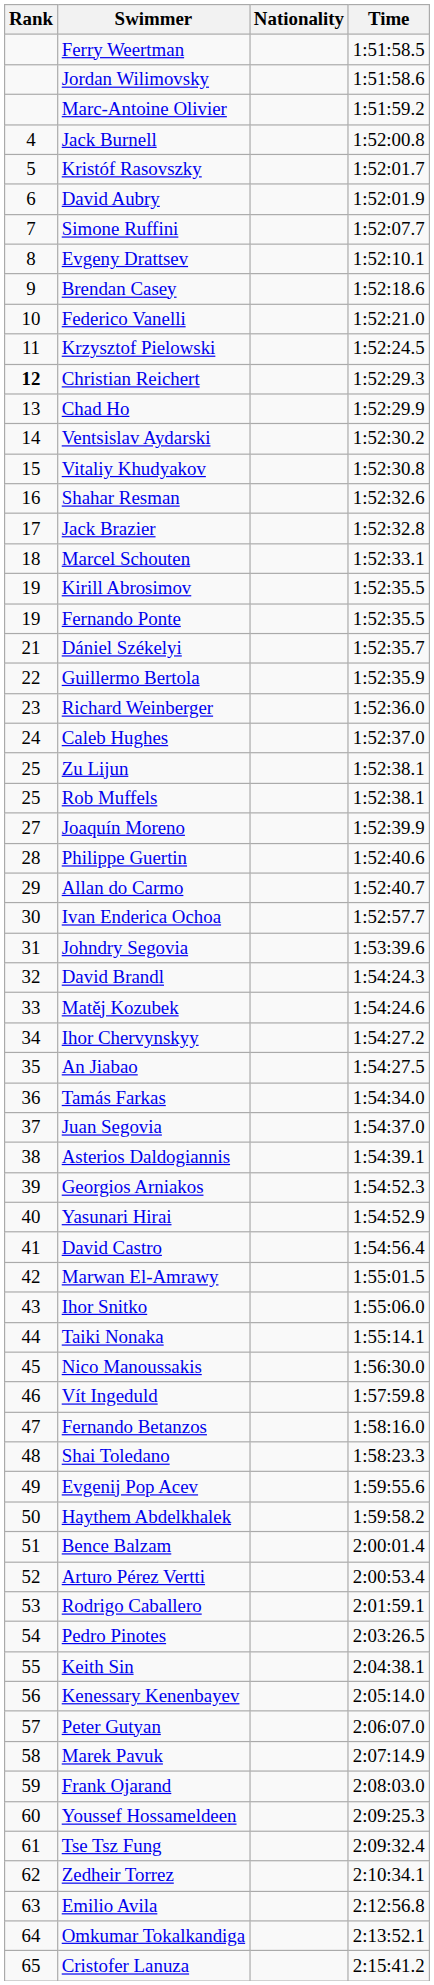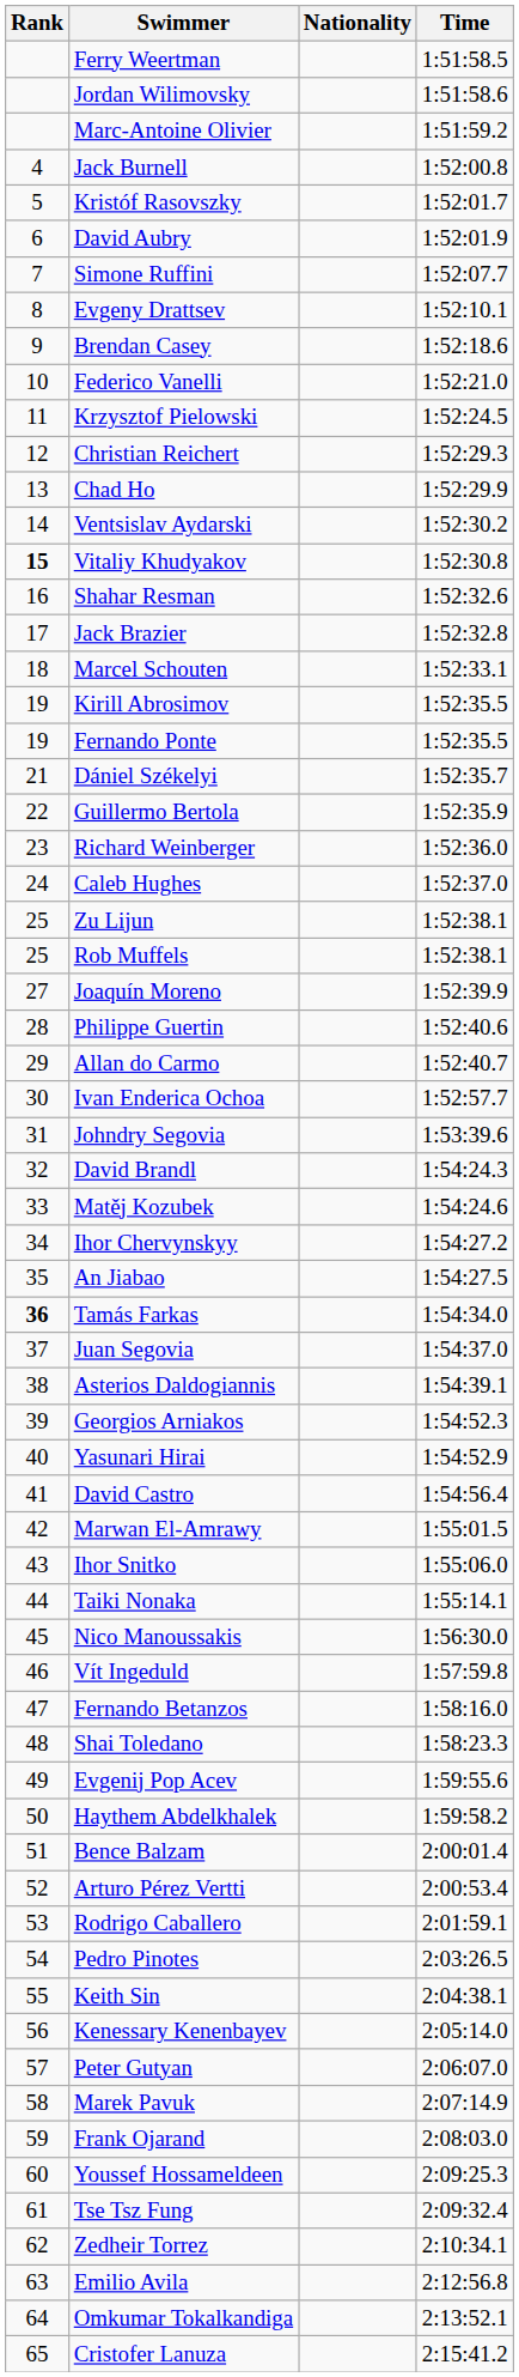 <table class="wikitable sortable" border="1" style="text-align:center">
 <tr>
 <th>Rank</th>
 <th>Swimmer</th>
 <th>Nationality</th>
 <th>Time</th>
 </tr>
 <tr>
 <td></td>
 <td align=left><a href='#'>Ferry Weertman</a></td>
 <td align=left></td>
 <td>1:51:58.5</td>
 </tr>
 <tr>
 <td></td>
 <td align=left><a href='#'>Jordan Wilimovsky</a></td>
 <td align=left></td>
 <td>1:51:58.6</td>
 </tr>
 <tr>
 <td></td>
 <td align=left><a href='#'>Marc-Antoine Olivier</a></td>
 <td align=left></td>
 <td>1:51:59.2</td>
 </tr>
 <tr>
 <td>4</td>
 <td align=left><a href='#'>Jack Burnell</a></td>
 <td align=left></td>
 <td>1:52:00.8</td>
 </tr>
 <tr>
 <td>5</td>
 <td align=left><a href='#'>Kristóf Rasovszky</a></td>
 <td align=left></td>
 <td>1:52:01.7</td>
 </tr>
 <tr>
 <td>6</td>
 <td align=left><a href='#'>David Aubry</a></td>
 <td align=left></td>
 <td>1:52:01.9</td>
 </tr>
 <tr>
 <td>7</td>
 <td align=left><a href='#'>Simone Ruffini</a></td>
 <td align=left></td>
 <td>1:52:07.7</td>
 </tr>
 <tr>
 <td>8</td>
 <td align=left><a href='#'>Evgeny Drattsev</a></td>
 <td align=left></td>
 <td>1:52:10.1</td>
 </tr>
 <tr>
 <td>9</td>
 <td align=left><a href='#'>Brendan Casey</a></td>
 <td align=left></td>
 <td>1:52:18.6</td>
 </tr>
 <tr>
 <td>10</td>
 <td align=left><a href='#'>Federico Vanelli</a></td>
 <td align=left></td>
 <td>1:52:21.0</td>
 </tr>
 <tr>
 <td>11</td>
 <td align=left><a href='#'>Krzysztof Pielowski</a></td>
 <td align=left></td>
 <td>1:52:24.5</td>
 </tr>
 <tr>
-<td><strong>12</strong></td>
+<td>12</td>
 <td align=left><a href='#'>Christian Reichert</a></td>
 <td align=left></td>
 <td>1:52:29.3</td>
 </tr>
 <tr>
 <td>13</td>
 <td align=left><a href='#'>Chad Ho</a></td>
 <td align=left></td>
 <td>1:52:29.9</td>
 </tr>
 <tr>
 <td>14</td>
 <td align=left><a href='#'>Ventsislav Aydarski</a></td>
 <td align=left></td>
 <td>1:52:30.2</td>
 </tr>
 <tr>
-<td>15</td>
+<td><strong>15</strong></td>
 <td align=left><a href='#'>Vitaliy Khudyakov</a></td>
 <td align=left></td>
 <td>1:52:30.8</td>
 </tr>
 <tr>
 <td>16</td>
 <td align=left><a href='#'>Shahar Resman</a></td>
 <td align=left></td>
 <td>1:52:32.6</td>
 </tr>
 <tr>
 <td>17</td>
 <td align=left><a href='#'>Jack Brazier</a></td>
 <td align=left></td>
 <td>1:52:32.8</td>
 </tr>
 <tr>
 <td>18</td>
 <td align=left><a href='#'>Marcel Schouten</a></td>
 <td align=left></td>
 <td>1:52:33.1</td>
 </tr>
 <tr>
 <td>19</td>
 <td align=left><a href='#'>Kirill Abrosimov</a></td>
 <td align=left></td>
 <td>1:52:35.5</td>
 </tr>
 <tr>
 <td>19</td>
 <td align=left><a href='#'>Fernando Ponte</a></td>
 <td align=left></td>
 <td>1:52:35.5</td>
 </tr>
 <tr>
 <td>21</td>
 <td align=left><a href='#'>Dániel Székelyi</a></td>
 <td align=left></td>
 <td>1:52:35.7</td>
 </tr>
 <tr>
 <td>22</td>
 <td align=left><a href='#'>Guillermo Bertola</a></td>
 <td align=left></td>
 <td>1:52:35.9</td>
 </tr>
 <tr>
 <td>23</td>
 <td align=left><a href='#'>Richard Weinberger</a></td>
 <td align=left></td>
 <td>1:52:36.0</td>
 </tr>
 <tr>
 <td>24</td>
 <td align=left><a href='#'>Caleb Hughes</a></td>
 <td align=left></td>
 <td>1:52:37.0</td>
 </tr>
 <tr>
 <td>25</td>
 <td align=left><a href='#'>Zu Lijun</a></td>
 <td align=left></td>
 <td>1:52:38.1</td>
 </tr>
 <tr>
 <td>25</td>
 <td align=left><a href='#'>Rob Muffels</a></td>
 <td align=left></td>
 <td>1:52:38.1</td>
 </tr>
 <tr>
 <td>27</td>
 <td align=left><a href='#'>Joaquín Moreno</a></td>
 <td align=left></td>
 <td>1:52:39.9</td>
 </tr>
 <tr>
 <td>28</td>
 <td align=left><a href='#'>Philippe Guertin</a></td>
 <td align=left></td>
 <td>1:52:40.6</td>
 </tr>
 <tr>
 <td>29</td>
 <td align=left><a href='#'>Allan do Carmo</a></td>
 <td align=left></td>
 <td>1:52:40.7</td>
 </tr>
 <tr>
 <td>30</td>
 <td align=left><a href='#'>Ivan Enderica Ochoa</a></td>
 <td align=left></td>
 <td>1:52:57.7</td>
 </tr>
 <tr>
 <td>31</td>
 <td align=left><a href='#'>Johndry Segovia</a></td>
 <td align=left></td>
 <td>1:53:39.6</td>
 </tr>
 <tr>
 <td>32</td>
 <td align=left><a href='#'>David Brandl</a></td>
 <td align=left></td>
 <td>1:54:24.3</td>
 </tr>
 <tr>
 <td>33</td>
 <td align=left><a href='#'>Matěj Kozubek</a></td>
 <td align=left></td>
 <td>1:54:24.6</td>
 </tr>
 <tr>
 <td>34</td>
 <td align=left><a href='#'>Ihor Chervynskyy</a></td>
 <td align=left></td>
 <td>1:54:27.2</td>
 </tr>
 <tr>
 <td>35</td>
 <td align=left><a href='#'>An Jiabao</a></td>
 <td align=left></td>
 <td>1:54:27.5</td>
 </tr>
 <tr>
-<td>36</td>
+<td><strong>36</strong></td>
 <td align=left><a href='#'>Tamás Farkas</a></td>
 <td align=left></td>
 <td>1:54:34.0</td>
 </tr>
 <tr>
 <td>37</td>
 <td align=left><a href='#'>Juan Segovia</a></td>
 <td align=left></td>
 <td>1:54:37.0</td>
 </tr>
 <tr>
 <td>38</td>
 <td align=left><a href='#'>Asterios Daldogiannis</a></td>
 <td align=left></td>
 <td>1:54:39.1</td>
 </tr>
 <tr>
 <td>39</td>
 <td align=left><a href='#'>Georgios Arniakos</a></td>
 <td align=left></td>
 <td>1:54:52.3</td>
 </tr>
 <tr>
 <td>40</td>
 <td align=left><a href='#'>Yasunari Hirai</a></td>
 <td align=left></td>
 <td>1:54:52.9</td>
 </tr>
 <tr>
 <td>41</td>
 <td align=left><a href='#'>David Castro</a></td>
 <td align=left></td>
 <td>1:54:56.4</td>
 </tr>
 <tr>
 <td>42</td>
 <td align=left><a href='#'>Marwan El-Amrawy</a></td>
 <td align=left></td>
 <td>1:55:01.5</td>
 </tr>
 <tr>
 <td>43</td>
 <td align=left><a href='#'>Ihor Snitko</a></td>
 <td align=left></td>
 <td>1:55:06.0</td>
 </tr>
 <tr>
 <td>44</td>
 <td align=left><a href='#'>Taiki Nonaka</a></td>
 <td align=left></td>
 <td>1:55:14.1</td>
 </tr>
 <tr>
 <td>45</td>
 <td align=left><a href='#'>Nico Manoussakis</a></td>
 <td align=left></td>
 <td>1:56:30.0</td>
 </tr>
 <tr>
 <td>46</td>
 <td align=left><a href='#'>Vít Ingeduld</a></td>
 <td align=left></td>
 <td>1:57:59.8</td>
 </tr>
 <tr>
 <td>47</td>
 <td align=left><a href='#'>Fernando Betanzos</a></td>
 <td align=left></td>
 <td>1:58:16.0</td>
 </tr>
 <tr>
 <td>48</td>
 <td align=left><a href='#'>Shai Toledano</a></td>
 <td align=left></td>
 <td>1:58:23.3</td>
 </tr>
 <tr>
 <td>49</td>
 <td align=left><a href='#'>Evgenij Pop Acev</a></td>
 <td align=left></td>
 <td>1:59:55.6</td>
 </tr>
 <tr>
 <td>50</td>
 <td align=left><a href='#'>Haythem Abdelkhalek</a></td>
 <td align=left></td>
 <td>1:59:58.2</td>
 </tr>
 <tr>
 <td>51</td>
 <td align=left><a href='#'>Bence Balzam</a></td>
 <td align=left></td>
 <td>2:00:01.4</td>
 </tr>
 <tr>
 <td>52</td>
 <td align=left><a href='#'>Arturo Pérez Vertti</a></td>
 <td align=left></td>
 <td>2:00:53.4</td>
 </tr>
 <tr>
 <td>53</td>
 <td align=left><a href='#'>Rodrigo Caballero</a></td>
 <td align=left></td>
 <td>2:01:59.1</td>
 </tr>
 <tr>
 <td>54</td>
 <td align=left><a href='#'>Pedro Pinotes</a></td>
 <td align=left></td>
 <td>2:03:26.5</td>
 </tr>
 <tr>
 <td>55</td>
 <td align=left><a href='#'>Keith Sin</a></td>
 <td align=left></td>
 <td>2:04:38.1</td>
 </tr>
 <tr>
 <td>56</td>
 <td align=left><a href='#'>Kenessary Kenenbayev</a></td>
 <td align=left></td>
 <td>2:05:14.0</td>
 </tr>
 <tr>
 <td>57</td>
 <td align=left><a href='#'>Peter Gutyan</a></td>
 <td align=left></td>
 <td>2:06:07.0</td>
 </tr>
 <tr>
 <td>58</td>
 <td align=left><a href='#'>Marek Pavuk</a></td>
 <td align=left></td>
 <td>2:07:14.9</td>
 </tr>
 <tr>
 <td>59</td>
 <td align=left><a href='#'>Frank Ojarand</a></td>
 <td align=left></td>
 <td>2:08:03.0</td>
 </tr>
 <tr>
 <td>60</td>
 <td align=left><a href='#'>Youssef Hossameldeen</a></td>
 <td align=left></td>
 <td>2:09:25.3</td>
 </tr>
 <tr>
 <td>61</td>
 <td align=left><a href='#'>Tse Tsz Fung</a></td>
 <td align=left></td>
 <td>2:09:32.4</td>
 </tr>
 <tr>
 <td>62</td>
 <td align=left><a href='#'>Zedheir Torrez</a></td>
 <td align=left></td>
 <td>2:10:34.1</td>
 </tr>
 <tr>
 <td>63</td>
 <td align=left><a href='#'>Emilio Avila</a></td>
 <td align=left></td>
 <td>2:12:56.8</td>
 </tr>
 <tr>
 <td>64</td>
 <td align=left><a href='#'>Omkumar Tokalkandiga</a></td>
 <td align=left></td>
 <td>2:13:52.1</td>
 </tr>
 <tr>
 <td>65</td>
 <td align=left><a href='#'>Cristofer Lanuza</a></td>
 <td align=left></td>
 <td>2:15:41.2</td>
 </tr>
 </table>
